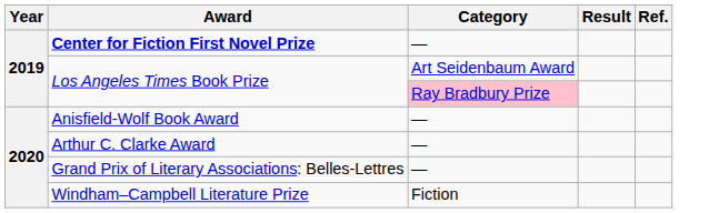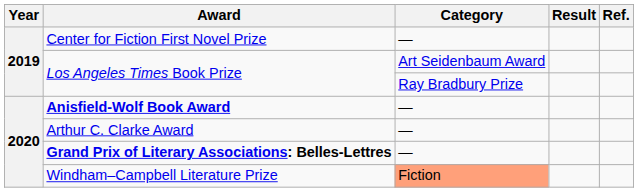 <table class="wikitable sortable">
 <tr>
 <th>Year</th>
 <th>Award</th>
 <th>Category</th>
 <th>Result</th>
 <th>Ref.</th>
 </tr>
 <tr>
 <th rowspan="3">2019</th>
-<td><strong><a href='#'>Center for Fiction First Novel Prize</a></strong></td>
+<td><a href='#'>Center for Fiction First Novel Prize</a></td>
 <td>—</td>
 <td></td>
 <td></td>
 </tr>
 <tr>
 <td rowspan="2"><a href='#'><em>Los Angeles Times</em> Book Prize</a></td>
 <td><a href='#'>Art Seidenbaum Award</a></td>
 <td></td>
 <td></td>
 </tr>
 <tr>
-<td style="background: pink;"><a href='#'>Ray Bradbury Prize</a></td>
+<td><a href='#'>Ray Bradbury Prize</a></td>
 <td></td>
 <td></td>
 </tr>
 <tr>
 <th rowspan="4">2020</th>
-<td><a href='#'>Anisfield-Wolf Book Award</a></td>
+<td><strong><a href='#'>Anisfield-Wolf Book Award</a></strong></td>
 <td>—</td>
 <td></td>
 <td></td>
 </tr>
 <tr>
 <td><a href='#'>Arthur C. Clarke Award</a></td>
 <td>—</td>
 <td></td>
 <td></td>
 </tr>
 <tr>
-<td><a href='#'>Grand Prix of Literary Associations</a>: Belles-Lettres</td>
+<td><strong><a href='#'>Grand Prix of Literary Associations</a>: Belles-Lettres</strong></td>
 <td>—</td>
 <td></td>
 <td></td>
 </tr>
 <tr>
 <td><a href='#'>Windham–Campbell Literature Prize</a></td>
-<td>Fiction</td>
+<td style="background: lightsalmon;">Fiction</td>
 <td></td>
 <td></td>
 </tr>
 </table>
